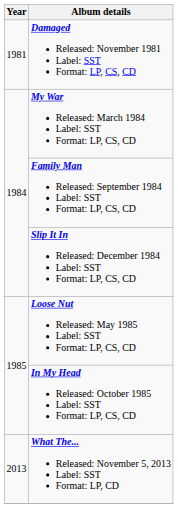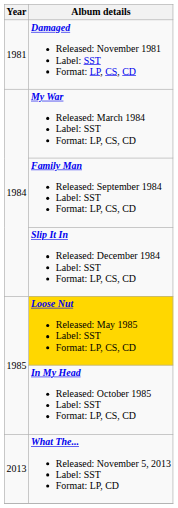 <table class ="wikitable">
 <tr>
 <th>Year</th>
 <th>Album details</th>
 </tr>
 <tr>
 <td>1981</td>
 <td><strong><em><a href='#'>Damaged</a></em></strong><br><ul><li>Released: November 1981</li><li>Label: <a href='#'>SST</a></li><li>Format: <a href='#'>LP</a>, <a href='#'>CS</a>, <a href='#'>CD</a></li></ul></td>
 </tr>
 <tr>
 <td align="center" rowspan="3">1984</td>
 <td><strong><em><a href='#'>My War</a></em></strong><br><ul><li>Released: March 1984</li><li>Label: SST</li><li>Format: LP, CS, CD</li></ul></td>
 </tr>
 <tr>
 <td><strong><em><a href='#'>Family Man</a></em></strong><br><ul><li>Released: September 1984</li><li>Label: SST</li><li>Format: LP, CS, CD</li></ul></td>
 </tr>
 <tr>
 <td><strong><em><a href='#'>Slip It In</a></em></strong><br><ul><li>Released: December 1984</li><li>Label: SST</li><li>Format: LP, CS, CD</li></ul></td>
 </tr>
 <tr>
 <td align="center" rowspan="2">1985</td>
-<td><strong><em><a href='#'>Loose Nut</a></em></strong><br><ul><li>Released: May 1985</li><li>Label: SST</li><li>Format: LP, CS, CD</li></ul></td>
+<td style="background: gold;"><strong><em><a href='#'>Loose Nut</a></em></strong><br><ul><li>Released: May 1985</li><li>Label: SST</li><li>Format: LP, CS, CD</li></ul></td>
 </tr>
 <tr>
 <td><strong><em><a href='#'>In My Head</a></em></strong><br><ul><li>Released: October 1985</li><li>Label: SST</li><li>Format: LP, CS, CD</li></ul></td>
 </tr>
 <tr>
 <td>2013</td>
 <td><strong><em><a href='#'>What The...</a></em></strong><br><ul><li>Released: November 5, 2013</li><li>Label: SST</li><li>Format: LP, CD</li></ul></td>
 </tr>
 <tr>
 </tr>
 </table>
